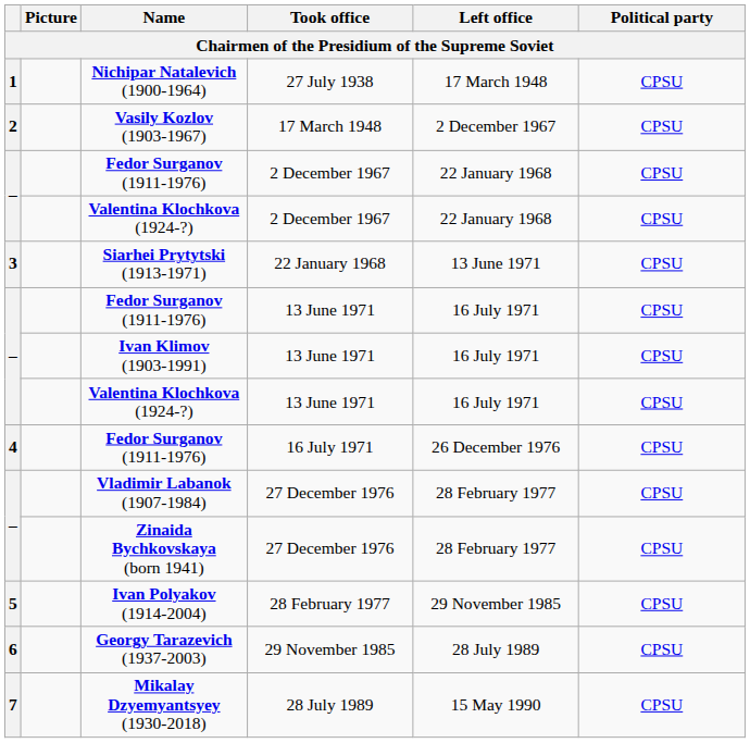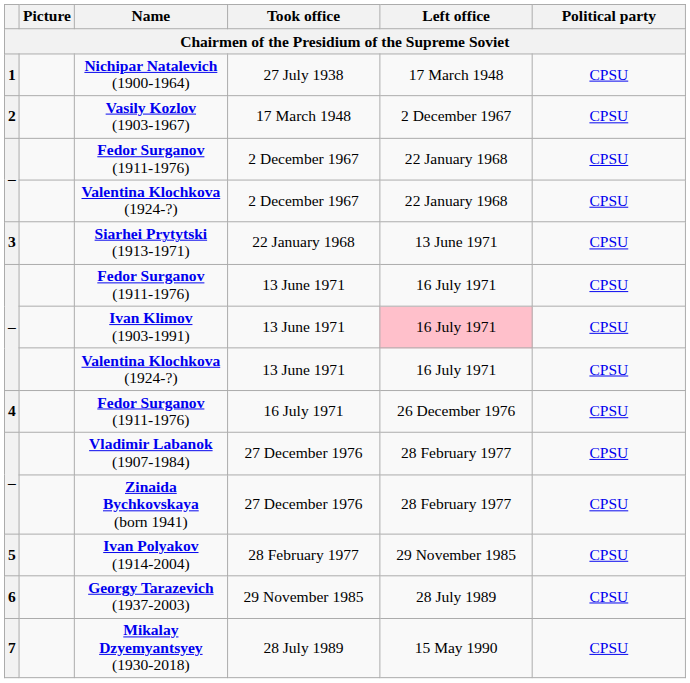 <table class="wikitable" style="text-align:center">
 <tr>
 <th></th>
 <th>Picture</th>
 <th width="150">Name<br></th>
 <th width="150">Took office</th>
 <th width="150">Left office</th>
 <th width="150">Political party</th>
 </tr>
 <tr>
 <th colspan="6" align="center">Chairmen of the Presidium of the Supreme Soviet</th>
 </tr>
 <tr>
 <th style="background:">1</th>
 <td></td>
 <td><strong><a href='#'>Nichipar Natalevich</a></strong><br>(1900-1964)</td>
 <td>27 July 1938</td>
 <td>17 March 1948</td>
 <td><a href='#'>CPSU</a></td>
 </tr>
 <tr>
 <th style="background:">2</th>
 <td></td>
 <td><strong><a href='#'>Vasily Kozlov</a></strong><br>(1903-1967)</td>
 <td>17 March 1948</td>
 <td>2 December 1967</td>
 <td><a href='#'>CPSU</a></td>
 </tr>
 <tr>
 <th rowspan="2" style="background:"><strong>–</strong></th>
 <td></td>
 <td><strong><a href='#'>Fedor Surganov</a></strong><br>(1911-1976)</td>
 <td>2 December 1967</td>
 <td>22 January 1968</td>
 <td><a href='#'>CPSU</a></td>
 </tr>
 <tr>
 <td></td>
 <td><strong><a href='#'>Valentina Klochkova</a></strong><br>(1924-?)</td>
 <td>2 December 1967</td>
 <td>22 January 1968</td>
 <td><a href='#'>CPSU</a></td>
 </tr>
 <tr>
 <th style="background:">3</th>
 <td></td>
 <td><strong><a href='#'>Siarhei Prytytski</a></strong><br>(1913-1971)</td>
 <td>22 January 1968</td>
 <td>13 June 1971</td>
 <td><a href='#'>CPSU</a></td>
 </tr>
 <tr>
 <th rowspan="3" style="background:"><strong>–</strong></th>
 <td></td>
 <td><strong><a href='#'>Fedor Surganov</a></strong><br>(1911-1976)</td>
 <td>13 June 1971</td>
 <td>16 July 1971</td>
 <td><a href='#'>CPSU</a></td>
 </tr>
 <tr>
 <td></td>
 <td><strong><a href='#'>Ivan Klimov</a></strong><br>(1903-1991)</td>
 <td>13 June 1971</td>
-<td>16 July 1971</td>
+<td style="background: pink;">16 July 1971</td>
 <td><a href='#'>CPSU</a></td>
 </tr>
 <tr>
 <td></td>
 <td><strong><a href='#'>Valentina Klochkova</a></strong><br>(1924-?)</td>
 <td>13 June 1971</td>
 <td>16 July 1971</td>
 <td><a href='#'>CPSU</a></td>
 </tr>
 <tr>
 <th style="background:">4</th>
 <td></td>
 <td><strong><a href='#'>Fedor Surganov</a></strong><br>(1911-1976)</td>
 <td>16 July 1971</td>
 <td>26 December 1976</td>
 <td><a href='#'>CPSU</a></td>
 </tr>
 <tr>
 <th rowspan="2" style="background:"><strong>–</strong></th>
 <td></td>
 <td><strong><a href='#'>Vladimir Labanok</a></strong><br>(1907-1984)</td>
 <td>27 December 1976</td>
 <td>28 February 1977</td>
 <td><a href='#'>CPSU</a></td>
 </tr>
 <tr>
 <td></td>
 <td><strong><a href='#'>Zinaida Bychkovskaya</a></strong><br>(born 1941)</td>
 <td>27 December 1976</td>
 <td>28 February 1977</td>
 <td><a href='#'>CPSU</a></td>
 </tr>
 <tr>
 <th style="background:">5</th>
 <td></td>
 <td><strong><a href='#'>Ivan Polyakov</a></strong><br>(1914-2004)</td>
 <td>28 February 1977</td>
 <td>29 November 1985</td>
 <td><a href='#'>CPSU</a></td>
 </tr>
 <tr>
 <th style="background:">6</th>
 <td></td>
 <td><strong><a href='#'>Georgy Tarazevich</a></strong><br>(1937-2003)</td>
 <td>29 November 1985</td>
 <td>28 July 1989</td>
 <td><a href='#'>CPSU</a></td>
 </tr>
 <tr>
 <th style="background:">7</th>
 <td></td>
 <td><strong><a href='#'>Mikalay Dzyemyantsyey</a></strong><br>(1930-2018)</td>
 <td>28 July 1989</td>
 <td>15 May 1990</td>
 <td><a href='#'>CPSU</a></td>
 </tr>
 </table>
